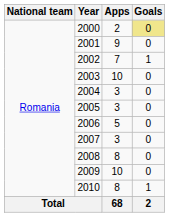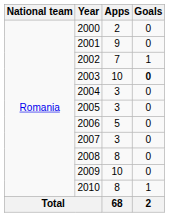 <table class="wikitable" style="text-align:center">
 <tr>
 <th>National team</th>
 <th>Year</th>
 <th>Apps</th>
 <th>Goals</th>
 </tr>
 <tr>
 <td rowspan="11"><a href='#'>Romania</a></td>
 <td>2000</td>
 <td>2</td>
-<td style="background: khaki;">0</td>
+<td>0</td>
 </tr>
 <tr>
 <td>2001</td>
 <td>9</td>
 <td>0</td>
 </tr>
 <tr>
 <td>2002</td>
 <td>7</td>
 <td>1</td>
 </tr>
 <tr>
 <td>2003</td>
 <td>10</td>
-<td>0</td>
+<td><strong>0</strong></td>
 </tr>
 <tr>
 <td>2004</td>
 <td>3</td>
 <td>0</td>
 </tr>
 <tr>
 <td>2005</td>
 <td>3</td>
 <td>0</td>
 </tr>
 <tr>
 <td>2006</td>
 <td>5</td>
 <td>0</td>
 </tr>
 <tr>
 <td>2007</td>
 <td>3</td>
 <td>0</td>
 </tr>
 <tr>
 <td>2008</td>
 <td>8</td>
 <td>0</td>
 </tr>
 <tr>
 <td>2009</td>
 <td>10</td>
 <td>0</td>
 </tr>
 <tr>
 <td>2010</td>
 <td>8</td>
 <td>1</td>
 </tr>
 <tr>
 <th colspan="2">Total</th>
 <th>68</th>
 <th>2</th>
 </tr>
 </table>
